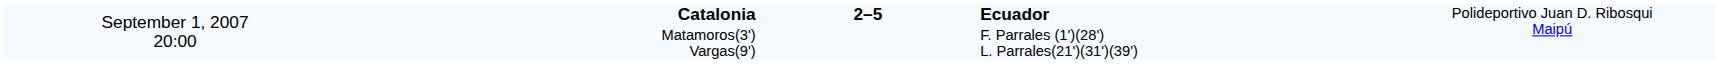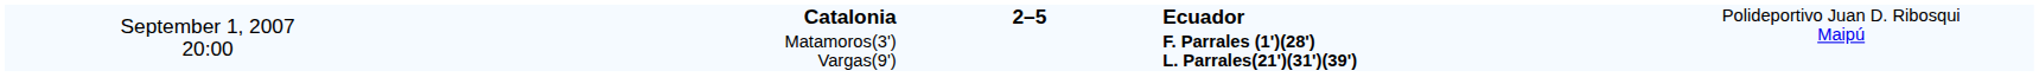 <table style="width: 100%; background:#F5FAFF;" cellspacing="0">
 <tr>
 <td align=center rowspan=3 width=20%>September 1, 2007<br>20:00</td>
 </tr>
 <tr>
 <td width=24% align=right><strong>Catalonia</strong></td>
 <td align=center width=13%><strong>2–5</strong></td>
 <td width=24%><strong>Ecuador</strong></td>
 <td style=font-size:85% rowspan=3 valign=top align=center>Polideportivo Juan D. Ribosqui<br><a href='#'>Maipú</a></td>
 </tr>
 <tr style=font-size:85%>
 <td align=right valign=top>Matamoros(3')<br>Vargas(9')</td>
 <td></td>
-<td>F. Parrales (1')(28')<br>L. Parrales(21')(31')(39')</td>
+<td><strong>F. Parrales (1')(28')<br>L. Parrales(21')(31')(39')</strong></td>
 </tr>
 </table>
